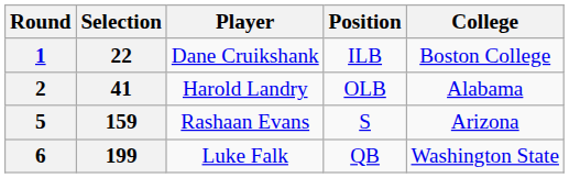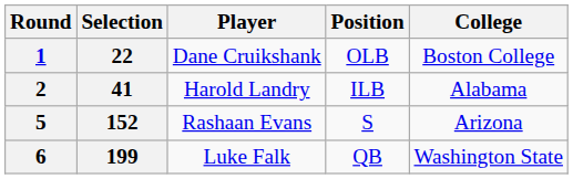 <table class="wikitable" style="text-align:center">
 <tr>
 <th>Round</th>
 <th>Selection</th>
 <th>Player</th>
 <th>Position</th>
 <th>College</th>
 </tr>
 <tr>
 <th><a href='#'>1</a></th>
 <th>22</th>
 <td><a href='#'>Dane Cruikshank</a></td>
-<td><a href='#'>ILB</a></td>
+<td><a href='#'>OLB</a></td>
 <td><a href='#'>Boston College</a></td>
 </tr>
 <tr>
 <th>2</th>
 <th>41</th>
 <td><a href='#'>Harold Landry</a></td>
-<td><a href='#'>OLB</a></td>
+<td><a href='#'>ILB</a></td>
 <td><a href='#'>Alabama</a></td>
 </tr>
 <tr>
 <th>5</th>
-<th>159</th>
+<th>152</th>
 <td><a href='#'>Rashaan Evans</a></td>
 <td><a href='#'>S</a></td>
 <td><a href='#'>Arizona</a></td>
 </tr>
 <tr>
 <th>6</th>
 <th>199</th>
 <td><a href='#'>Luke Falk</a></td>
 <td><a href='#'>QB</a></td>
 <td><a href='#'>Washington State</a></td>
 </tr>
 </table>
